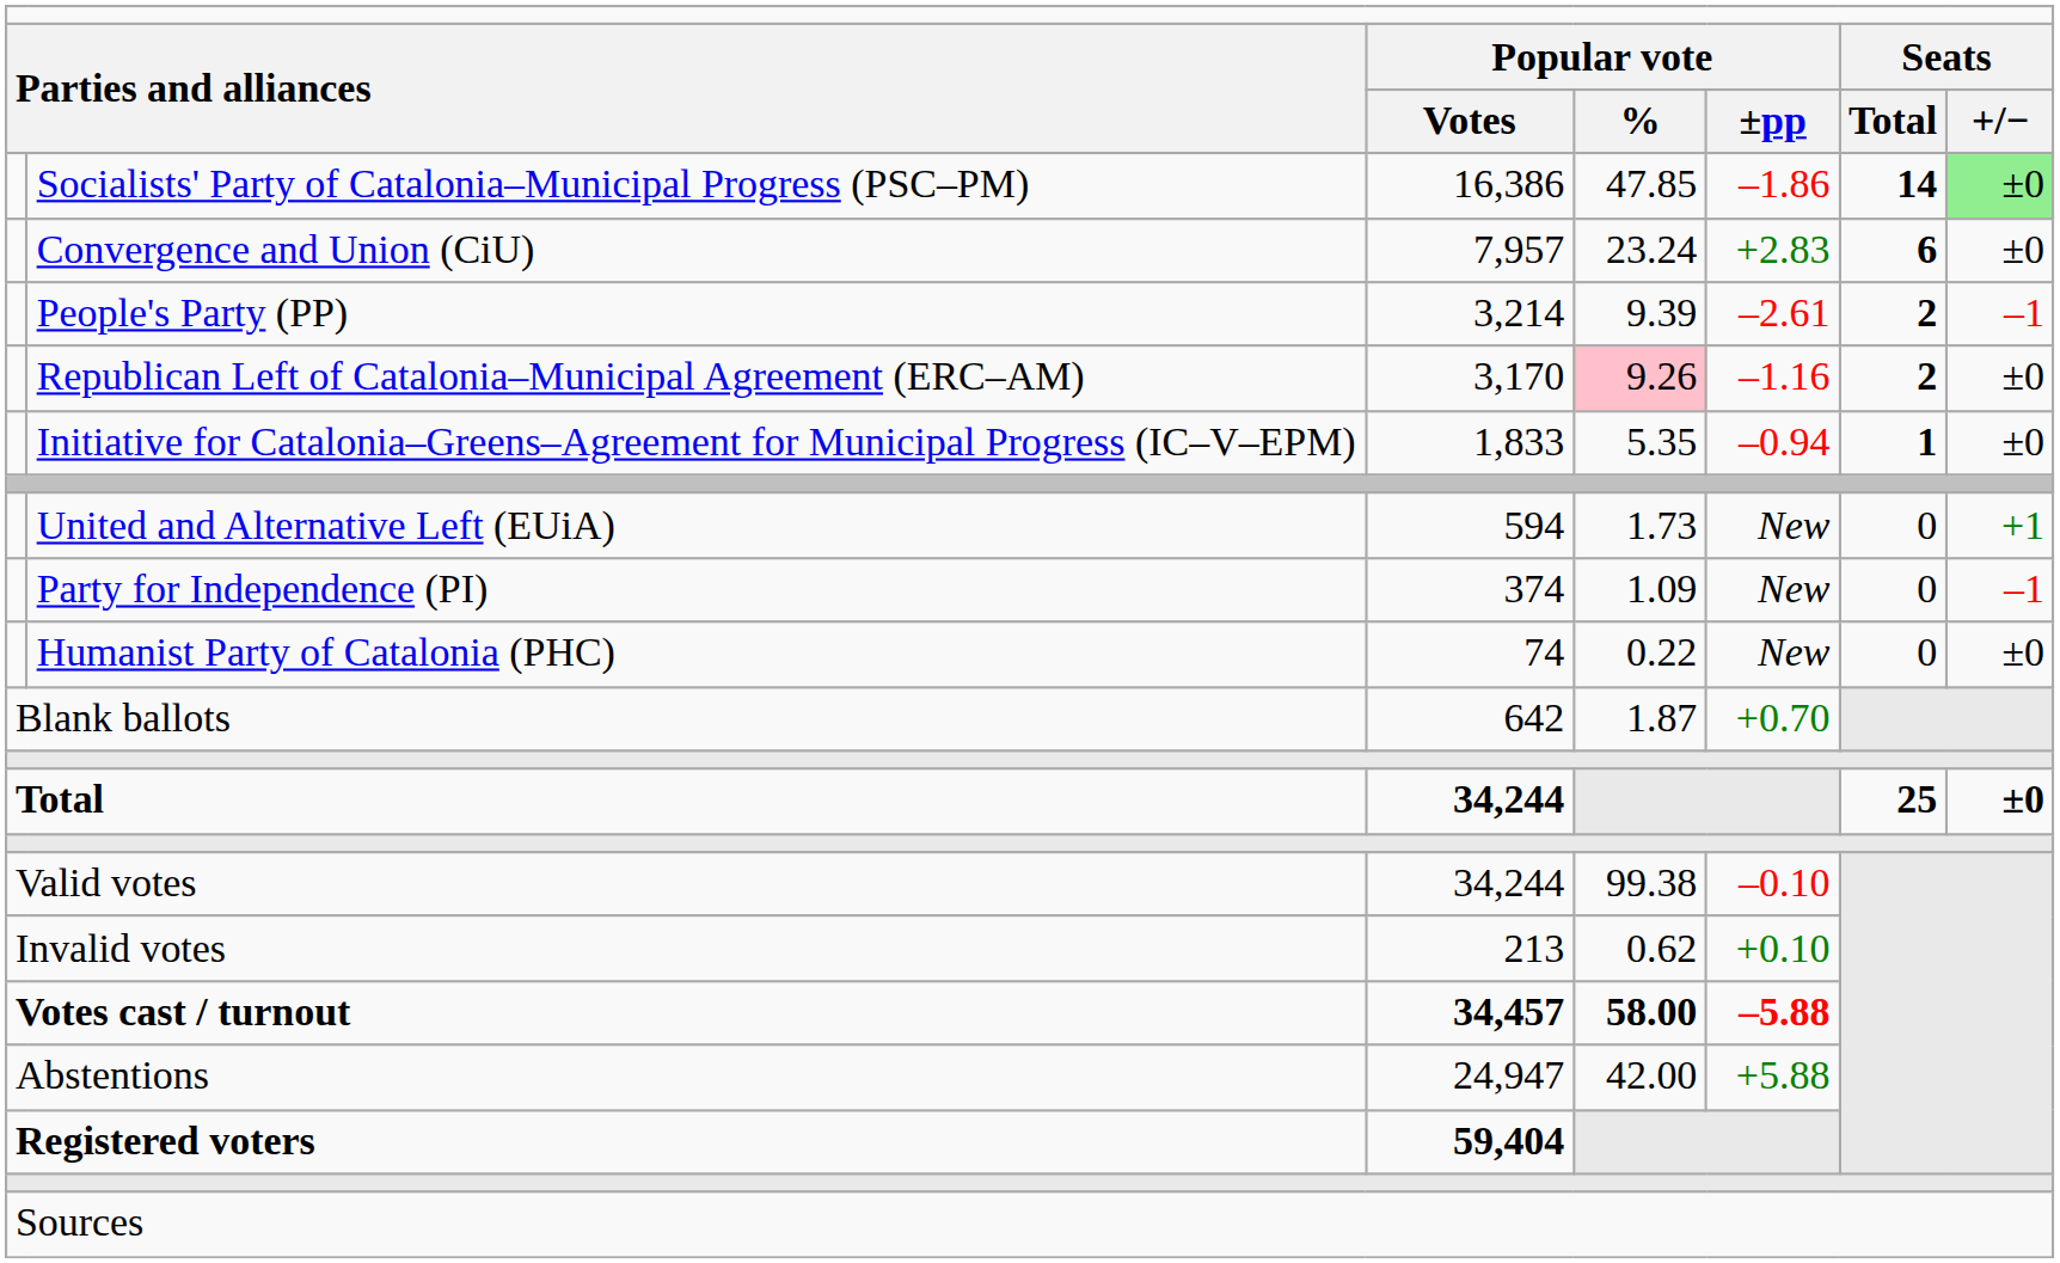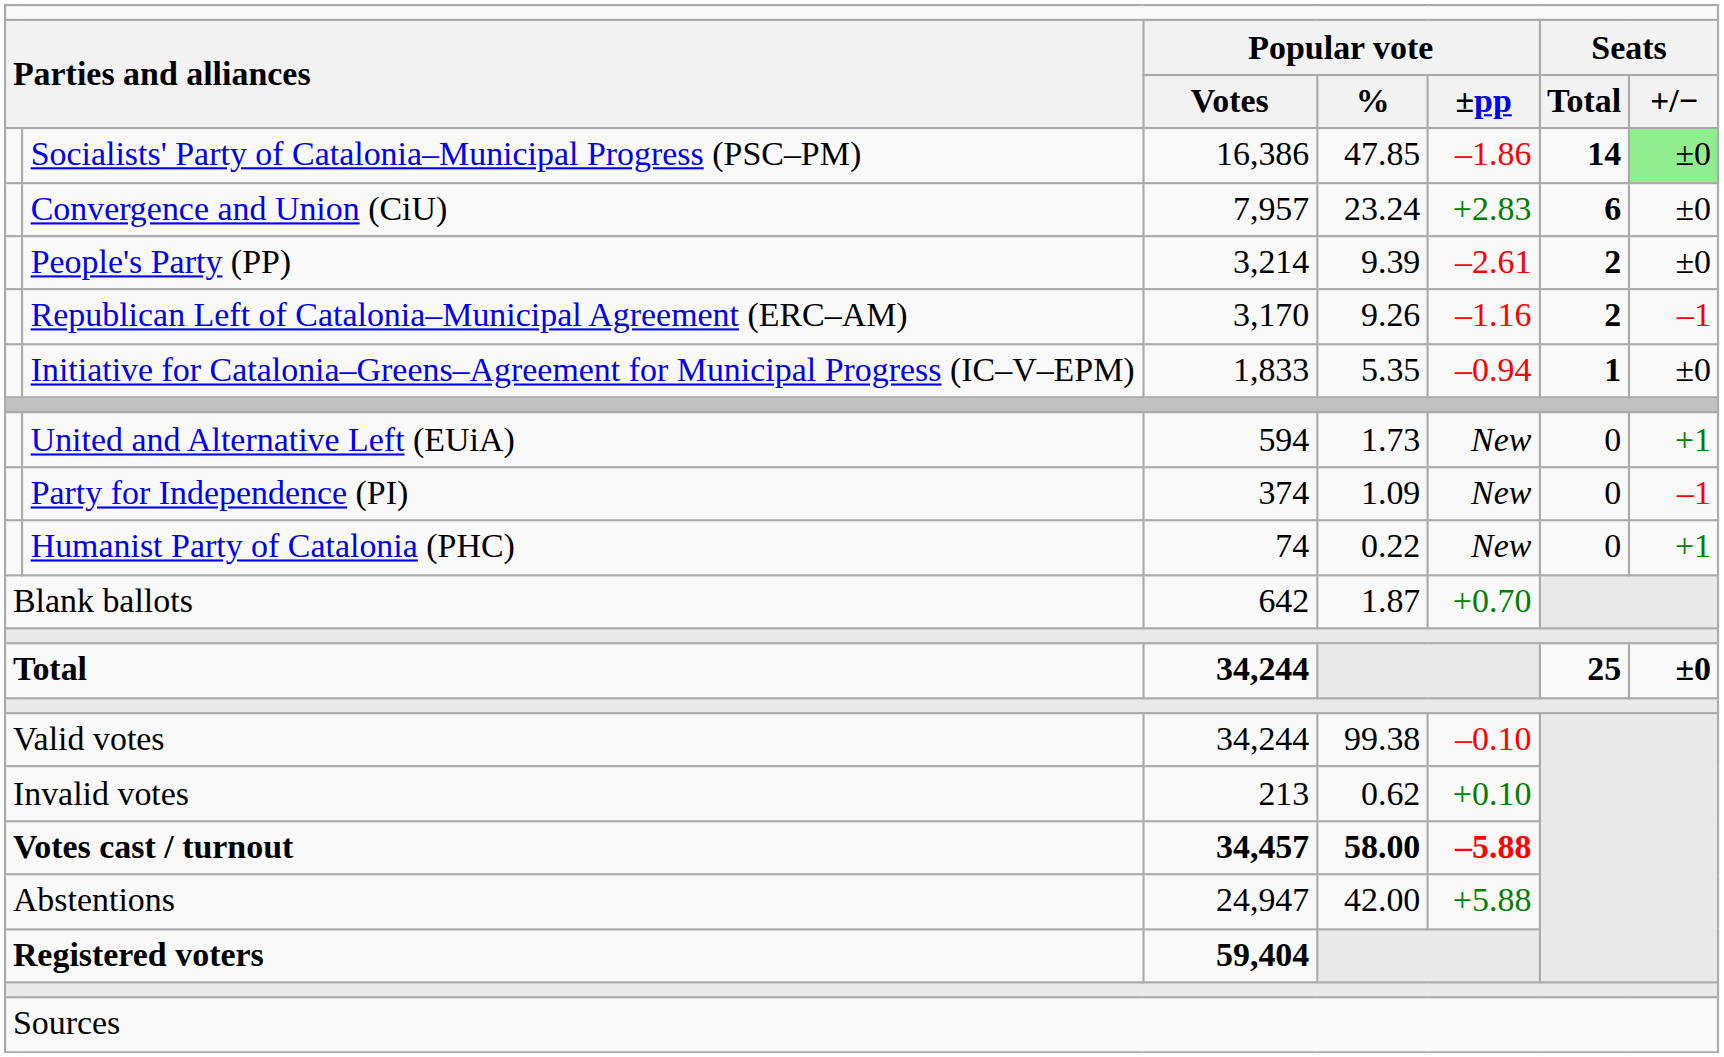 <table class="wikitable" style="text-align:right;">
 <tr>
 <td colspan="7"></td>
 </tr>
 <tr>
 <th style="text-align:left;" rowspan="2" colspan="2" width="525">Parties and alliances</th>
 <th colspan="3">Popular vote</th>
 <th colspan="2">Seats</th>
 </tr>
 <tr>
 <th width="75">Votes</th>
 <th width="45">%</th>
 <th width="45">±<a href='#'>pp</a></th>
 <th width="35">Total</th>
 <th width="35">+/−</th>
 </tr>
 <tr>
 <td width="1" style="color:inherit;background:"></td>
 <td align="left"><a href='#'>Socialists' Party of Catalonia–Municipal Progress</a> (PSC–PM)</td>
 <td>16,386</td>
 <td>47.85</td>
 <td style="color:red;">–1.86</td>
 <td><strong>14</strong></td>
 <td style="background: lightgreen;">±0</td>
 </tr>
 <tr>
 <td style="color:inherit;background:"></td>
 <td align="left"><a href='#'>Convergence and Union</a> (CiU)</td>
 <td>7,957</td>
 <td>23.24</td>
 <td style="color:green;">+2.83</td>
 <td><strong>6</strong></td>
 <td>±0</td>
 </tr>
 <tr>
 <td style="color:inherit;background:"></td>
 <td align="left"><a href='#'>People's Party</a> (PP)</td>
 <td>3,214</td>
 <td>9.39</td>
 <td style="color:red;">–2.61</td>
 <td><strong>2</strong></td>
-<td style="color:red;">–1</td>
+<td>±0</td>
 </tr>
 <tr>
 <td style="color:inherit;background:"></td>
 <td align="left"><a href='#'>Republican Left of Catalonia–Municipal Agreement</a> (ERC–AM)</td>
 <td>3,170</td>
-<td style="background: pink;">9.26</td>
+<td>9.26</td>
 <td style="color:red;">–1.16</td>
 <td><strong>2</strong></td>
-<td>±0</td>
+<td style="color:red;">–1</td>
 </tr>
 <tr>
 <td style="color:inherit;background:"></td>
 <td align="left"><a href='#'>Initiative for Catalonia–Greens–Agreement for Municipal Progress</a> (IC–V–EPM)</td>
 <td>1,833</td>
 <td>5.35</td>
 <td style="color:red;">–0.94</td>
 <td><strong>1</strong></td>
 <td>±0</td>
 </tr>
 <tr>
 <td colspan="7" style="color:inherit;background:#C0C0C0"></td>
 </tr>
 <tr>
 <td style="color:inherit;background:"></td>
 <td align="left"><a href='#'>United and Alternative Left</a> (EUiA)</td>
 <td>594</td>
 <td>1.73</td>
 <td><em>New</em></td>
 <td>0</td>
 <td style="color:green;">+1</td>
 </tr>
 <tr>
 <td style="color:inherit;background:"></td>
 <td align="left"><a href='#'>Party for Independence</a> (PI)</td>
 <td>374</td>
 <td>1.09</td>
 <td><em>New</em></td>
 <td>0</td>
 <td style="color:red;">–1</td>
 </tr>
 <tr>
 <td style="color:inherit;background:"></td>
 <td align="left"><a href='#'>Humanist Party of Catalonia</a> (PHC)</td>
 <td>74</td>
 <td>0.22</td>
 <td><em>New</em></td>
 <td>0</td>
-<td>±0</td>
+<td style="color:green;">+1</td>
 </tr>
 <tr>
 <td align="left" colspan="2">Blank ballots</td>
 <td>642</td>
 <td>1.87</td>
 <td style="color:green;">+0.70</td>
 <td style="color:inherit;background:#E9E9E9" colspan="2"></td>
 </tr>
 <tr>
 <td colspan="7" style="color:inherit;background:#E9E9E9"></td>
 </tr>
 <tr style="font-weight:bold;">
 <td align="left" colspan="2">Total</td>
 <td>34,244</td>
 <td bgcolor="#E9E9E9" colspan="2"></td>
 <td>25</td>
 <td>±0</td>
 </tr>
 <tr>
 <td colspan="7" style="color:inherit;background:#E9E9E9"></td>
 </tr>
 <tr>
 <td align="left" colspan="2">Valid votes</td>
 <td>34,244</td>
 <td>99.38</td>
 <td style="color:red;">–0.10</td>
 <td bgcolor="#E9E9E9" colspan="2" rowspan="5"></td>
 </tr>
 <tr>
 <td align="left" colspan="2">Invalid votes</td>
 <td>213</td>
 <td>0.62</td>
 <td style="color:green;">+0.10</td>
 </tr>
 <tr style="font-weight:bold;">
 <td align="left" colspan="2">Votes cast / turnout</td>
 <td>34,457</td>
 <td>58.00</td>
 <td style="color:red;">–5.88</td>
 </tr>
 <tr>
 <td align="left" colspan="2">Abstentions</td>
 <td>24,947</td>
 <td>42.00</td>
 <td style="color:green;">+5.88</td>
 </tr>
 <tr style="font-weight:bold;">
 <td align="left" colspan="2">Registered voters</td>
 <td>59,404</td>
 <td bgcolor="#E9E9E9" colspan="2"></td>
 </tr>
 <tr>
 <td colspan="7" style="color:inherit;background:#E9E9E9"></td>
 </tr>
 <tr>
 <td align="left" colspan="7">Sources</td>
 </tr>
 </table>
